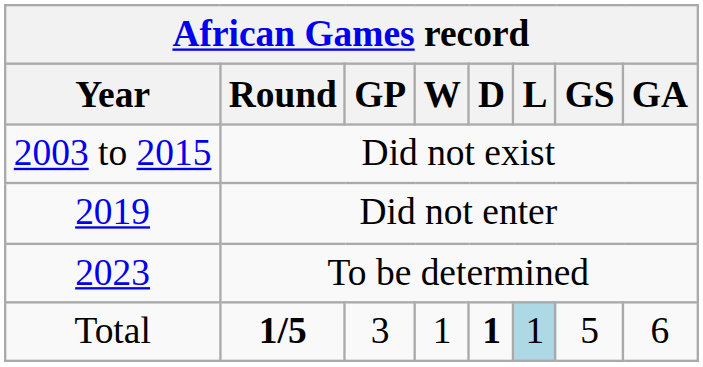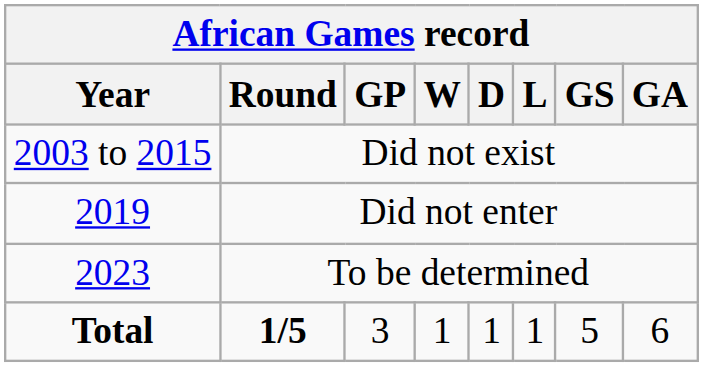 <table class="wikitable" style="text-align: center;">
 <tr>
 <th colspan=8><a href='#'>African Games</a> record</th>
 </tr>
 <tr>
 <th>Year</th>
 <th>Round</th>
 <th>GP</th>
 <th>W</th>
 <th>D</th>
 <th>L</th>
 <th>GS</th>
 <th>GA</th>
 </tr>
 <tr>
 <td> <a href='#'>2003</a> to  <a href='#'>2015</a></td>
 <td colspan=8>Did not exist</td>
 </tr>
 <tr>
 <td> <a href='#'>2019</a></td>
 <td colspan=8>Did not enter</td>
 </tr>
 <tr>
 <td> <a href='#'>2023</a></td>
 <td colspan=8>To be determined</td>
 </tr>
 <tr>
-<td>Total</td>
+<td><strong>Total</strong></td>
 <td><strong>1/5</strong></td>
 <td>3</td>
 <td>1</td>
-<td><strong>1</strong></td>
-<td style="background: lightblue;">1</td>
+<td>1</td>
+<td>1</td>
 <td>5</td>
 <td>6</td>
 </tr>
 </table>
